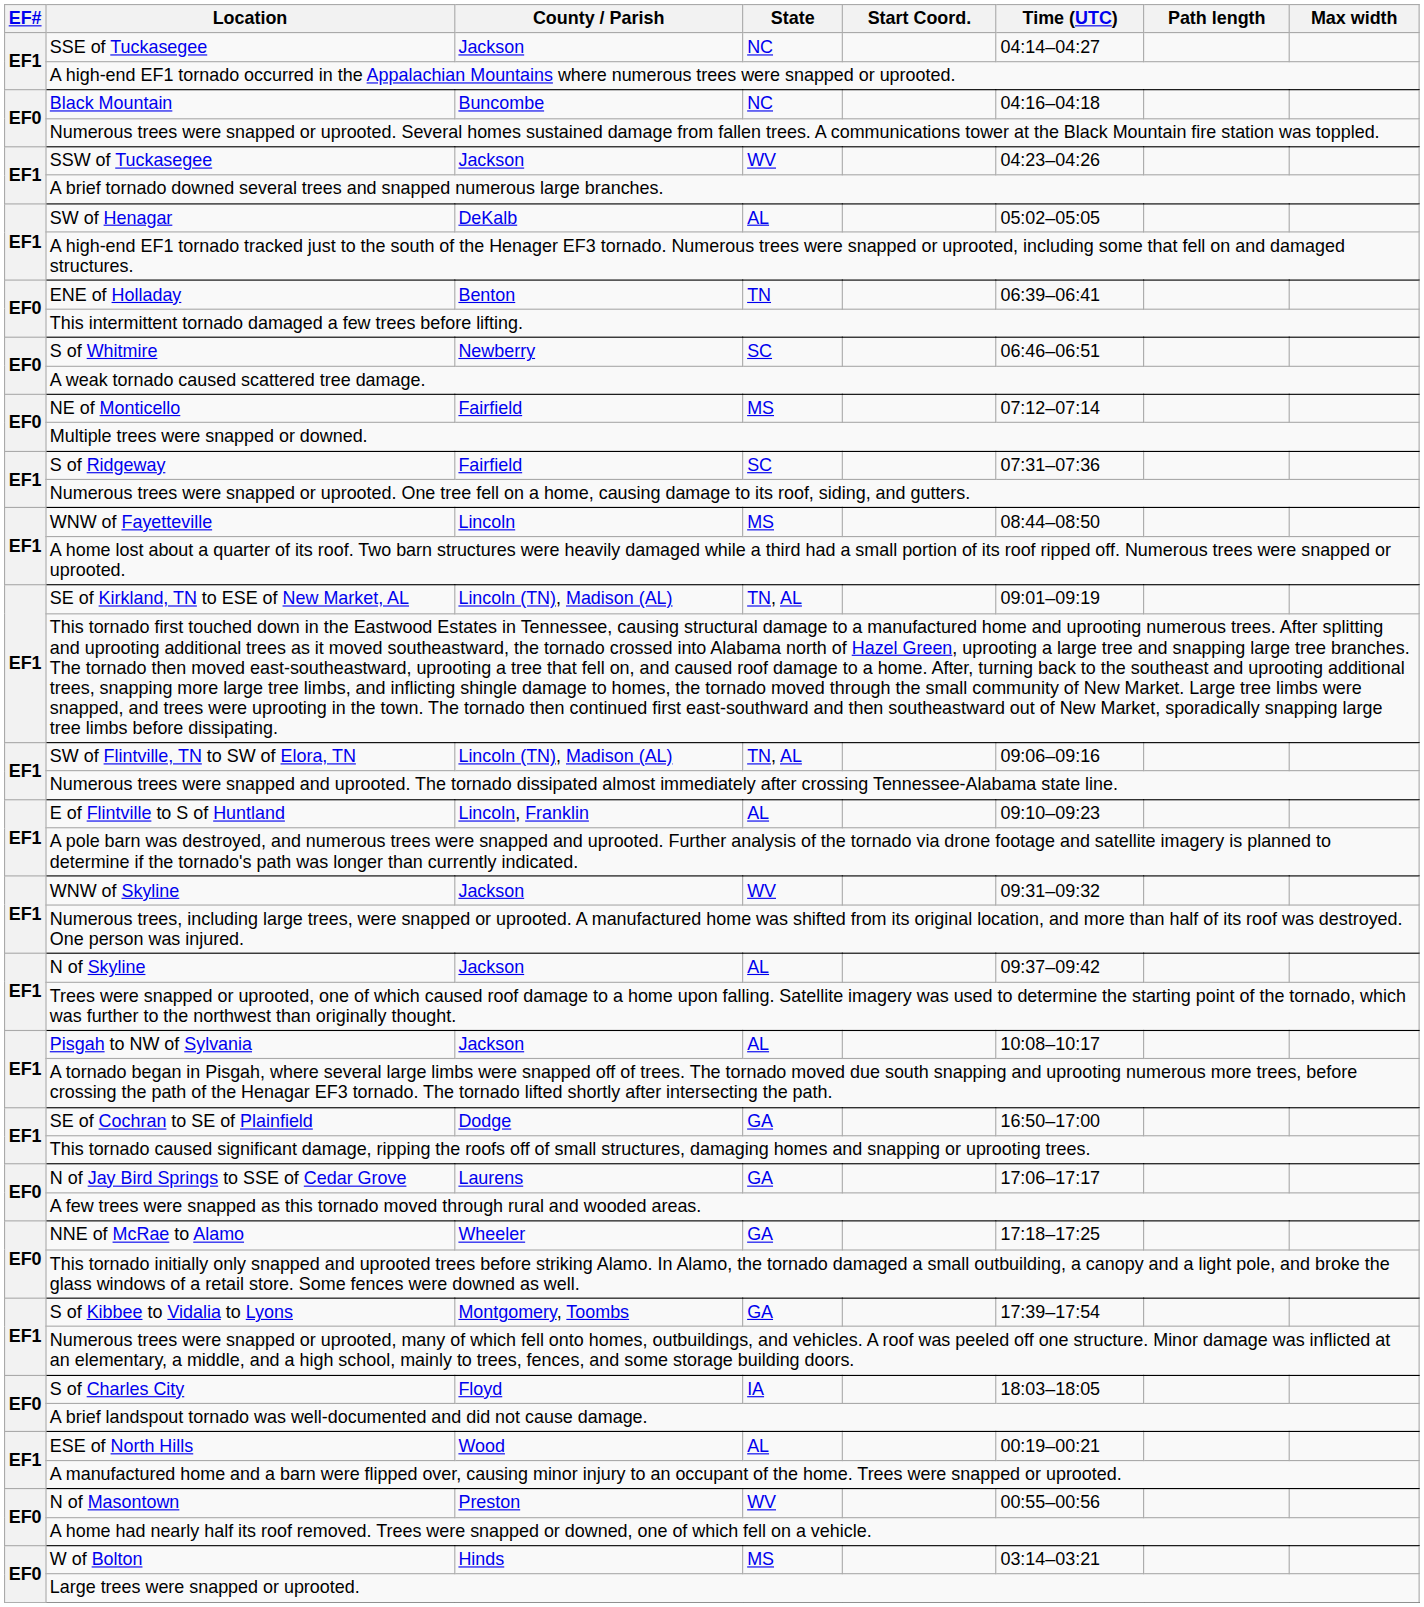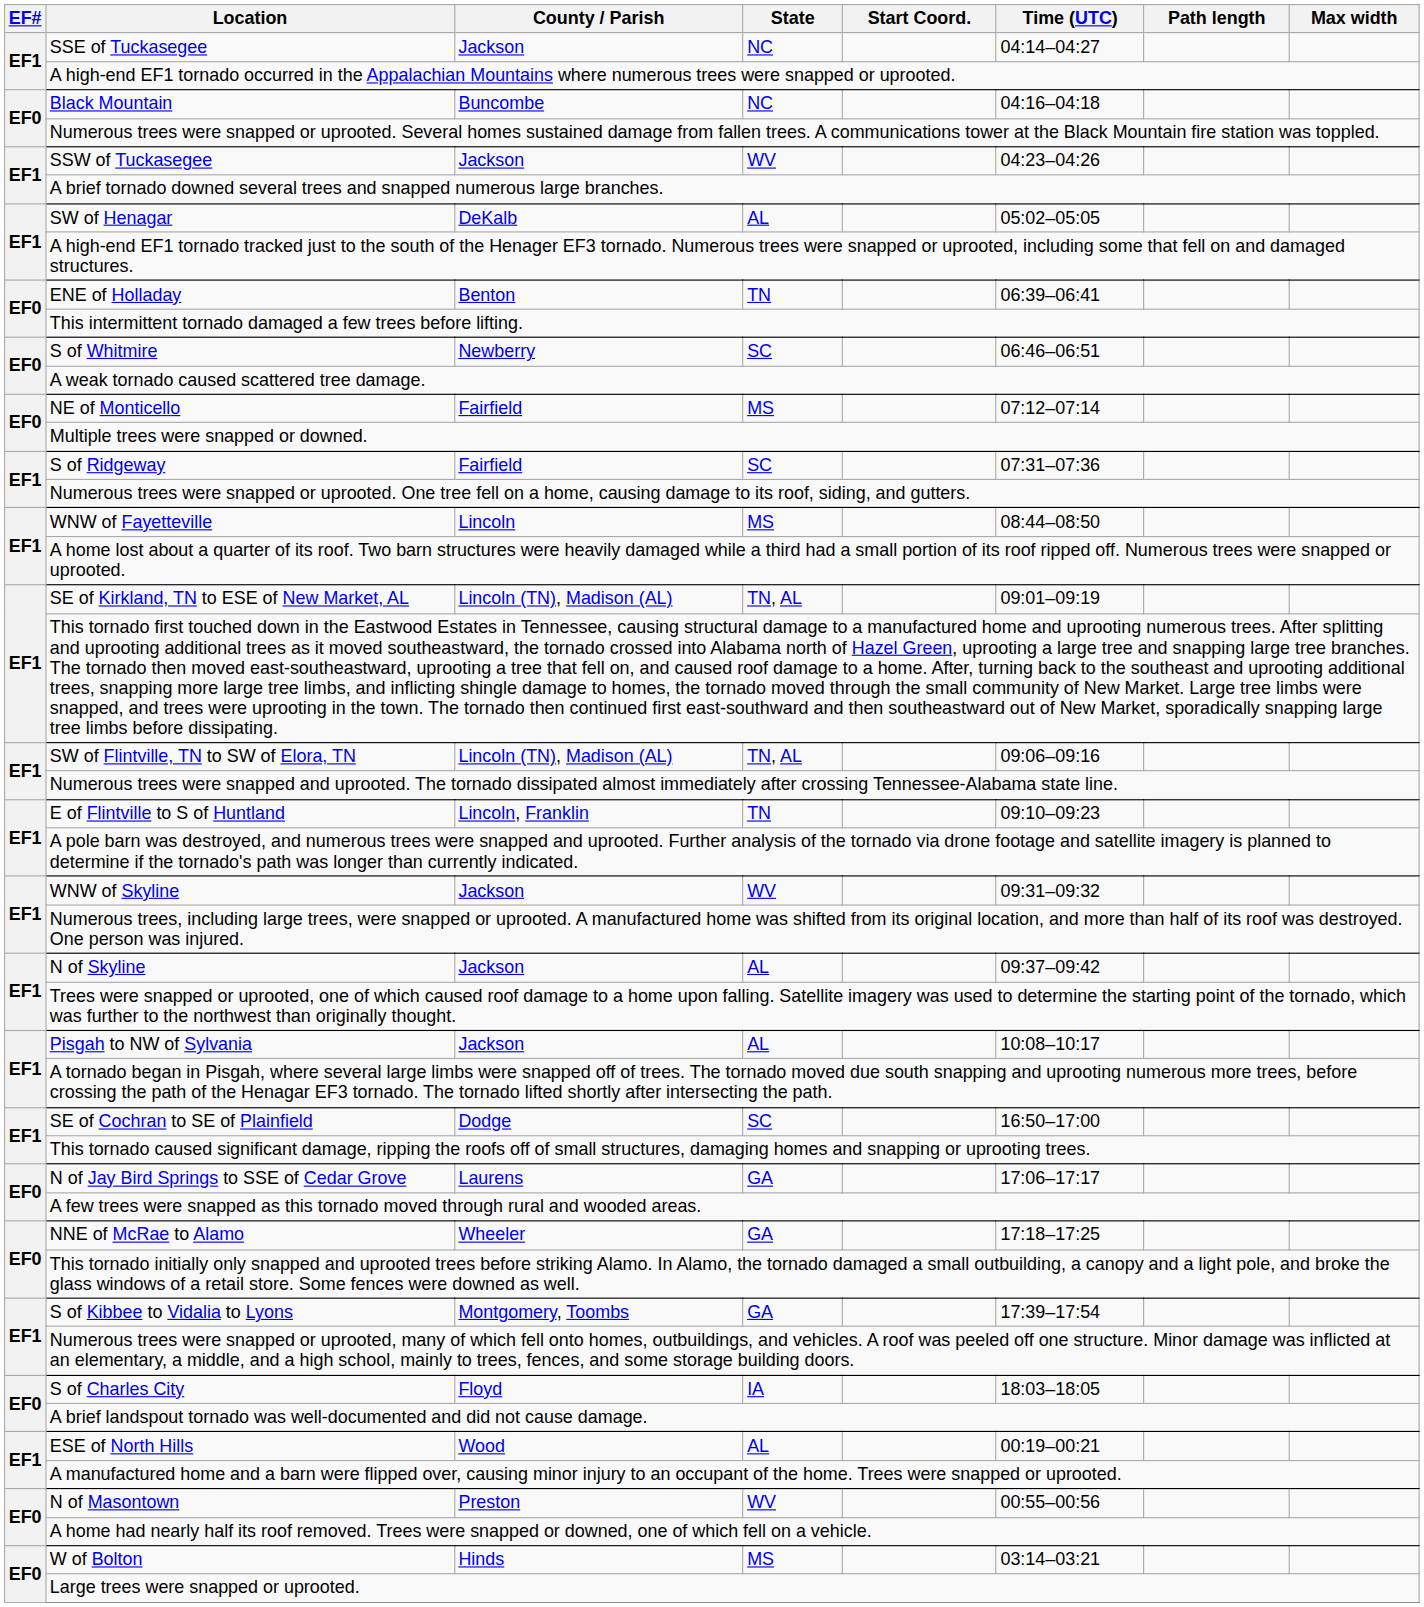 <table class="wikitable sortable" style="width:100%;">
 <tr>
 <th scope="col" width="2%" align="center"><a href='#'>EF#</a></th>
 <th scope="col" align="center" class="unsortable">Location</th>
 <th scope="col" align="center" class="unsortable">County / Parish</th>
 <th scope="col" align="center">State</th>
 <th scope="col" align="center">Start Coord.</th>
 <th scope="col" align="center">Time (<a href='#'>UTC</a>)</th>
 <th scope="col" align="center">Path length</th>
 <th scope="col" align="center">Max width</th>
 </tr>
 <tr>
 <th scope="row" rowspan="2" style="background-color:#">EF1</th>
 <td>SSE of <a href='#'>Tuckasegee</a></td>
 <td><a href='#'>Jackson</a></td>
 <td><a href='#'>NC</a></td>
 <td></td>
 <td>04:14–04:27</td>
 <td></td>
 <td></td>
 </tr>
 <tr class="expand-child">
 <td colspan="8" style=" border-bottom: 1px solid black;">A high-end EF1 tornado occurred in the <a href='#'>Appalachian Mountains</a> where numerous trees were snapped or uprooted.</td>
 </tr>
 <tr>
 <th scope="row" rowspan="2" style="background-color:#">EF0</th>
 <td><a href='#'>Black Mountain</a></td>
 <td><a href='#'>Buncombe</a></td>
 <td><a href='#'>NC</a></td>
 <td></td>
 <td>04:16–04:18</td>
 <td></td>
 <td></td>
 </tr>
 <tr class="expand-child">
 <td colspan="8" style=" border-bottom: 1px solid black;">Numerous trees were snapped or uprooted. Several homes sustained damage from fallen trees. A communications tower at the Black Mountain fire station was toppled.</td>
 </tr>
 <tr>
 <th scope="row" rowspan="2" style="background-color:#">EF1</th>
 <td>SSW of <a href='#'>Tuckasegee</a></td>
 <td><a href='#'>Jackson</a></td>
 <td><a href='#'>WV</a></td>
 <td></td>
 <td>04:23–04:26</td>
 <td></td>
 <td></td>
 </tr>
 <tr class="expand-child">
 <td colspan="8" style=" border-bottom: 1px solid black;">A brief tornado downed several trees and snapped numerous large branches.</td>
 </tr>
 <tr>
 <th scope="row" rowspan="2" style="background-color:#">EF1</th>
 <td>SW of <a href='#'>Henagar</a></td>
 <td><a href='#'>DeKalb</a></td>
 <td><a href='#'>AL</a></td>
 <td></td>
 <td>05:02–05:05</td>
 <td></td>
 <td></td>
 </tr>
 <tr class="expand-child">
 <td colspan="8" style=" border-bottom: 1px solid black;">A high-end EF1 tornado tracked just to the south of the Henager EF3 tornado. Numerous trees were snapped or uprooted, including some that fell on and damaged structures.</td>
 </tr>
 <tr>
 <th scope="row" rowspan="2" style="background-color:#">EF0</th>
 <td>ENE of <a href='#'>Holladay</a></td>
 <td><a href='#'>Benton</a></td>
 <td><a href='#'>TN</a></td>
 <td></td>
 <td>06:39–06:41</td>
 <td></td>
 <td></td>
 </tr>
 <tr class="expand-child">
 <td colspan="8" style=" border-bottom: 1px solid black;">This intermittent tornado damaged a few trees before lifting.</td>
 </tr>
 <tr>
 <th scope="row" rowspan="2" style="background-color:#">EF0</th>
 <td>S of <a href='#'>Whitmire</a></td>
 <td><a href='#'>Newberry</a></td>
 <td><a href='#'>SC</a></td>
 <td></td>
 <td>06:46–06:51</td>
 <td></td>
 <td></td>
 </tr>
 <tr class="expand-child">
 <td colspan="8" style=" border-bottom: 1px solid black;">A weak tornado caused scattered tree damage.</td>
 </tr>
 <tr>
 <th scope="row" rowspan="2" style="background-color:#">EF0</th>
 <td>NE of <a href='#'>Monticello</a></td>
 <td><a href='#'>Fairfield</a></td>
 <td><a href='#'>MS</a></td>
 <td></td>
 <td>07:12–07:14</td>
 <td></td>
 <td></td>
 </tr>
 <tr class="expand-child">
 <td colspan="8" style=" border-bottom: 1px solid black;">Multiple trees were snapped or downed.</td>
 </tr>
 <tr>
 <th scope="row" rowspan="2" style="background-color:#">EF1</th>
 <td>S of <a href='#'>Ridgeway</a></td>
 <td><a href='#'>Fairfield</a></td>
 <td><a href='#'>SC</a></td>
 <td></td>
 <td>07:31–07:36</td>
 <td></td>
 <td></td>
 </tr>
 <tr class="expand-child">
 <td colspan="8" style=" border-bottom: 1px solid black;">Numerous trees were snapped or uprooted. One tree fell on a home, causing damage to its roof, siding, and gutters.</td>
 </tr>
 <tr>
 <th scope="row" rowspan="2" style="background-color:#">EF1</th>
 <td>WNW of <a href='#'>Fayetteville</a></td>
 <td><a href='#'>Lincoln</a></td>
 <td><a href='#'>MS</a></td>
 <td></td>
 <td>08:44–08:50</td>
 <td></td>
 <td></td>
 </tr>
 <tr class="expand-child">
 <td colspan="8" style=" border-bottom: 1px solid black;">A home lost about a quarter of its roof. Two barn structures were heavily damaged while a third had a small portion of its roof ripped off. Numerous trees were snapped or uprooted.</td>
 </tr>
 <tr>
 <th scope="row" rowspan="2" style="background-color:#">EF1</th>
 <td>SE of <a href='#'>Kirkland, TN</a> to ESE of <a href='#'>New Market, AL</a></td>
 <td><a href='#'>Lincoln (TN)</a>, <a href='#'>Madison (AL)</a></td>
 <td><a href='#'>TN</a>, <a href='#'>AL</a></td>
 <td></td>
 <td>09:01–09:19</td>
 <td></td>
 <td></td>
 </tr>
 <tr class="expand-child">
 <td colspan="8" style=" border-bottom: 1px solid black;">This tornado first touched down in the Eastwood Estates in Tennessee, causing structural damage to a manufactured home and uprooting numerous trees. After splitting and uprooting additional trees as it moved southeastward, the tornado crossed into Alabama north of <a href='#'>Hazel Green</a>, uprooting a large tree and snapping large tree branches. The tornado then moved east-southeastward, uprooting a tree that fell on, and caused roof damage to a home. After, turning back to the southeast and uprooting additional trees, snapping more large tree limbs, and inflicting shingle damage to homes, the tornado moved through the small community of New Market. Large tree limbs were snapped, and trees were uprooting in the town. The tornado then continued first east-southward and then southeastward out of New Market, sporadically snapping large tree limbs before dissipating.</td>
 </tr>
 <tr>
 <th scope="row" rowspan="2" style="background-color:#">EF1</th>
 <td>SW of <a href='#'>Flintville, TN</a> to SW of <a href='#'>Elora, TN</a></td>
 <td><a href='#'>Lincoln (TN)</a>, <a href='#'>Madison (AL)</a></td>
 <td><a href='#'>TN</a>, <a href='#'>AL</a></td>
 <td></td>
 <td>09:06–09:16</td>
 <td></td>
 <td></td>
 </tr>
 <tr class="expand-child">
 <td colspan="8" style=" border-bottom: 1px solid black;">Numerous trees were snapped and uprooted. The tornado dissipated almost immediately after crossing Tennessee-Alabama state line.</td>
 </tr>
 <tr>
 <th scope="row" rowspan="2" style="background-color:#">EF1</th>
 <td>E of <a href='#'>Flintville</a> to S of <a href='#'>Huntland</a></td>
 <td><a href='#'>Lincoln</a>, <a href='#'>Franklin</a></td>
-<td><a href='#'>AL</a></td>
+<td><a href='#'>TN</a></td>
 <td></td>
 <td>09:10–09:23</td>
 <td></td>
 <td></td>
 </tr>
 <tr class="expand-child">
 <td colspan="8" style=" border-bottom: 1px solid black;">A pole barn was destroyed, and numerous trees were snapped and uprooted. Further analysis of the tornado via drone footage and satellite imagery is planned to determine if the tornado's path was longer than currently indicated.</td>
 </tr>
 <tr>
 <th scope="row" rowspan="2" style="background-color:#">EF1</th>
 <td>WNW of <a href='#'>Skyline</a></td>
 <td><a href='#'>Jackson</a></td>
 <td><a href='#'>WV</a></td>
 <td></td>
 <td>09:31–09:32</td>
 <td></td>
 <td></td>
 </tr>
 <tr class="expand-child">
 <td colspan="8" style=" border-bottom: 1px solid black;">Numerous trees, including large trees, were snapped or uprooted. A manufactured home was shifted  from its original location, and more than half of its roof was destroyed. One person was injured.</td>
 </tr>
 <tr>
 <th scope="row" rowspan="2" style="background-color:#">EF1</th>
 <td>N of <a href='#'>Skyline</a></td>
 <td><a href='#'>Jackson</a></td>
 <td><a href='#'>AL</a></td>
 <td></td>
 <td>09:37–09:42</td>
 <td></td>
 <td></td>
 </tr>
 <tr class="expand-child">
 <td colspan="8" style=" border-bottom: 1px solid black;">Trees were snapped or uprooted, one of which caused roof damage to a home upon falling. Satellite imagery was used to determine the starting point of the tornado, which was further to the northwest than originally thought.</td>
 </tr>
 <tr>
 <th scope="row" rowspan="2" style="background-color:#">EF1</th>
 <td><a href='#'>Pisgah</a> to NW of <a href='#'>Sylvania</a></td>
 <td><a href='#'>Jackson</a></td>
 <td><a href='#'>AL</a></td>
 <td></td>
 <td>10:08–10:17</td>
 <td></td>
 <td></td>
 </tr>
 <tr class="expand-child">
 <td colspan="8" style=" border-bottom: 1px solid black;">A tornado began in Pisgah, where several large limbs were snapped off of trees. The tornado moved due south snapping and uprooting numerous more trees, before crossing the path of the Henagar EF3 tornado. The tornado lifted shortly after intersecting the path.</td>
 </tr>
 <tr>
 <th scope="row" rowspan="2" style="background-color:#">EF1</th>
 <td>SE of <a href='#'>Cochran</a> to SE of <a href='#'>Plainfield</a></td>
 <td><a href='#'>Dodge</a></td>
-<td><a href='#'>GA</a></td>
+<td><a href='#'>SC</a></td>
 <td></td>
 <td>16:50–17:00</td>
 <td></td>
 <td></td>
 </tr>
 <tr class="expand-child">
 <td colspan="8" style=" border-bottom: 1px solid black;">This tornado caused significant damage, ripping the roofs off of small structures, damaging homes and snapping or uprooting trees.</td>
 </tr>
 <tr>
 <th scope="row" rowspan="2" style="background-color:#">EF0</th>
 <td>N of <a href='#'>Jay Bird Springs</a> to SSE of <a href='#'>Cedar Grove</a></td>
 <td><a href='#'>Laurens</a></td>
 <td><a href='#'>GA</a></td>
 <td></td>
 <td>17:06–17:17</td>
 <td></td>
 <td></td>
 </tr>
 <tr class="expand-child">
 <td colspan="8" style=" border-bottom: 1px solid black;">A few trees were snapped as this tornado moved through rural and wooded areas.</td>
 </tr>
 <tr>
 <th scope="row" rowspan="2" style="background-color:#">EF0</th>
 <td>NNE of <a href='#'>McRae</a> to <a href='#'>Alamo</a></td>
 <td><a href='#'>Wheeler</a></td>
 <td><a href='#'>GA</a></td>
 <td></td>
 <td>17:18–17:25</td>
 <td></td>
 <td></td>
 </tr>
 <tr class="expand-child">
 <td colspan="8" style=" border-bottom: 1px solid black;">This tornado initially only snapped and uprooted trees before striking Alamo. In Alamo, the tornado damaged a small outbuilding, a canopy and a light pole, and broke the glass windows of a retail store. Some fences were downed as well.</td>
 </tr>
 <tr>
 <th scope="row" rowspan="2" style="background-color:#">EF1</th>
 <td>S of <a href='#'>Kibbee</a> to <a href='#'>Vidalia</a> to <a href='#'>Lyons</a></td>
 <td><a href='#'>Montgomery</a>, <a href='#'>Toombs</a></td>
 <td><a href='#'>GA</a></td>
 <td></td>
 <td>17:39–17:54</td>
 <td></td>
 <td></td>
 </tr>
 <tr class="expand-child">
 <td colspan="8" style=" border-bottom: 1px solid black;">Numerous trees were snapped or uprooted, many of which fell onto homes, outbuildings, and vehicles. A roof was peeled off one structure. Minor damage was inflicted at an elementary, a middle, and a high school, mainly to trees, fences, and some storage building doors.</td>
 </tr>
 <tr>
 <th scope="row" rowspan="2" style="background-color:#">EF0</th>
 <td>S of <a href='#'>Charles City</a></td>
 <td><a href='#'>Floyd</a></td>
 <td><a href='#'>IA</a></td>
 <td></td>
 <td>18:03–18:05</td>
 <td></td>
 <td></td>
 </tr>
 <tr class="expand-child">
 <td colspan="8" style=" border-bottom: 1px solid black;">A brief landspout tornado was well-documented and did not cause damage.</td>
 </tr>
 <tr>
 <th scope="row" rowspan="2" style="background-color:#">EF1</th>
 <td>ESE of <a href='#'>North Hills</a></td>
 <td><a href='#'>Wood</a></td>
 <td><a href='#'>AL</a></td>
 <td></td>
 <td>00:19–00:21</td>
 <td></td>
 <td></td>
 </tr>
 <tr class="expand-child">
 <td colspan="8" style=" border-bottom: 1px solid black;">A manufactured home and a barn were flipped over, causing minor injury to an occupant of the home. Trees were snapped or uprooted.</td>
 </tr>
 <tr>
 <th scope="row" rowspan="2" style="background-color:#">EF0</th>
 <td>N of <a href='#'>Masontown</a></td>
 <td><a href='#'>Preston</a></td>
 <td><a href='#'>WV</a></td>
 <td></td>
 <td>00:55–00:56</td>
 <td></td>
 <td></td>
 </tr>
 <tr class="expand-child">
 <td colspan="8" style=" border-bottom: 1px solid black;">A home had nearly half its roof removed. Trees were snapped or downed, one of which fell on a vehicle.</td>
 </tr>
 <tr>
 <th scope="row" rowspan="2" style="background-color:#">EF0</th>
 <td>W of <a href='#'>Bolton</a></td>
 <td><a href='#'>Hinds</a></td>
 <td><a href='#'>MS</a></td>
 <td></td>
 <td>03:14–03:21</td>
 <td></td>
 <td></td>
 </tr>
 <tr class="expand-child">
 <td colspan="8" style=" border-bottom: 1px solid black;">Large trees were snapped or uprooted.</td>
 </tr>
 <tr>
 </tr>
 </table>
